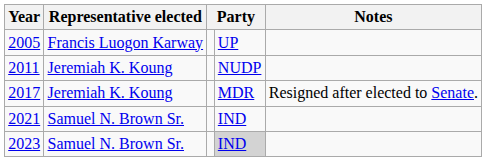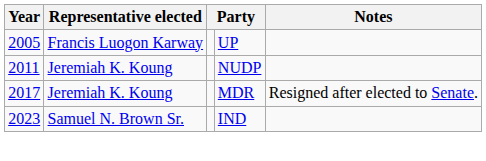 <table class="wikitable">
 <tr>
 <th>Year</th>
 <th>Representative elected</th>
 <th colspan=2>Party</th>
 <th>Notes</th>
 </tr>
 <tr>
 <td><a href='#'>2005</a></td>
 <td><a href='#'>Francis Luogon Karway</a></td>
 <td></td>
 <td><a href='#'>UP</a></td>
 <td></td>
 </tr>
 <tr>
 <td><a href='#'>2011</a></td>
 <td><a href='#'>Jeremiah K. Koung</a></td>
 <td></td>
 <td><a href='#'>NUDP</a></td>
 <td></td>
 </tr>
 <tr>
 <td><a href='#'>2017</a></td>
 <td><a href='#'>Jeremiah K. Koung</a></td>
 <td></td>
 <td><a href='#'>MDR</a></td>
 <td>Resigned after elected to <a href='#'>Senate</a>.</td>
 </tr>
 <tr>
-<td><a href='#'>2021</a></td>
+<td><a href='#'>2023</a></td>
 <td><a href='#'>Samuel N. Brown Sr.</a></td>
 <td></td>
 <td><a href='#'>IND</a></td>
 <td></td>
 </tr>
-<tr>
-<td><a href='#'>2023</a></td>
-<td><a href='#'>Samuel N. Brown Sr.</a></td>
-<td></td>
-<td style="background: lightgrey;"><a href='#'>IND</a></td>
-<td></td>
-</tr>
 </table>
